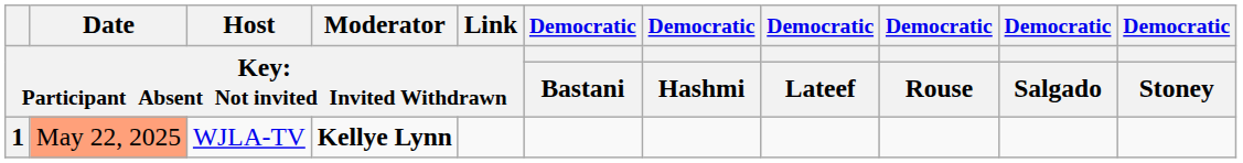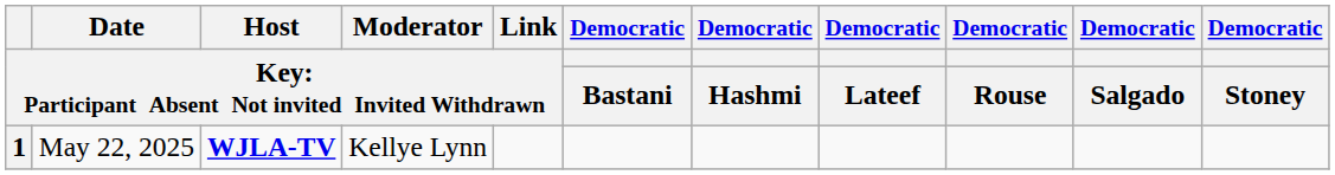 <table class="wikitable" style="text-align:center;">
 <tr>
 <th scope="col"></th>
 <th scope="col">Date</th>
 <th scope="col">Host</th>
 <th scope="col">Moderator</th>
 <th scope="col">Link</th>
 <th scope="col"><small><a href='#'>Democratic</a></small></th>
 <th scope="col"><small><a href='#'>Democratic</a></small></th>
 <th scope="col"><small><a href='#'>Democratic</a></small></th>
 <th scope="col"><small><a href='#'>Democratic</a></small></th>
 <th scope="col"><small><a href='#'>Democratic</a></small></th>
 <th scope="col"><small><a href='#'>Democratic</a></small></th>
 </tr>
 <tr>
 <th colspan="5" rowspan="2">Key:<br> <small>Participant </small>  <small>Absent </small>  <small>Not invited </small>  <small>Invited  Withdrawn</small></th>
 <th scope="col" style="background:"></th>
 <th scope="col" style="background:"></th>
 <th scope="col" style="background:"></th>
 <th scope="col" style="background:"></th>
 <th scope="col" style="background:"></th>
 <th scope="col" style="background:"></th>
 </tr>
 <tr>
 <th scope="col">Bastani</th>
 <th scope="col">Hashmi</th>
 <th scope="col">Lateef</th>
 <th scope="col">Rouse</th>
 <th scope="col">Salgado</th>
 <th scope="col">Stoney</th>
 </tr>
 <tr>
 <th>1</th>
-<td style="background: lightsalmon; white-space:nowrap;">May 22, 2025</td>
-<td style="white-space:nowrap;"><a href='#'>WJLA-TV</a></td>
-<td style="white-space:nowrap;"><strong>Kellye Lynn</strong></td>
+<td style="white-space:nowrap;">May 22, 2025</td>
+<td style="white-space:nowrap;"><strong><a href='#'>WJLA-TV</a></strong></td>
+<td style="white-space:nowrap;">Kellye Lynn</td>
 <td style="white-space:nowrap;"></td>
 <td></td>
 <td></td>
 <td></td>
 <td></td>
 <td></td>
 <td></td>
 </tr>
 </table>
